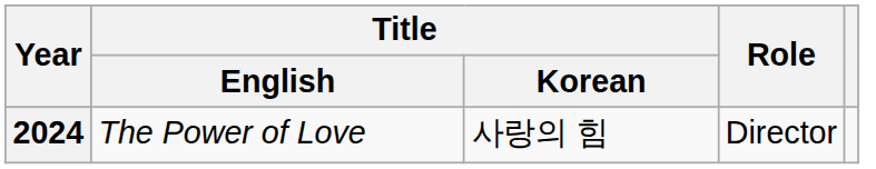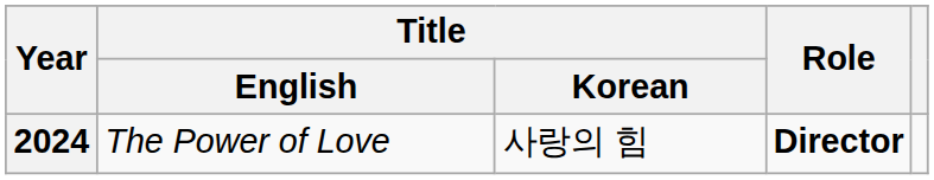 <table class="wikitable plainrowheaders">
 <tr>
 <th scope="col" rowspan="2" style="width:33px;">Year</th>
 <th scope="col" colspan="2">Title</th>
 <th rowspan="2">Role</th>
 <th rowspan="2" scope="col" class="unsortable"></th>
 </tr>
 <tr>
 <th width="180">English</th>
 <th width="120">Korean</th>
 </tr>
 <tr>
 <th scope="row">2024</th>
 <td><em>The Power of Love</em></td>
 <td>사랑의 힘</td>
-<td>Director</td>
+<td><strong>Director</strong></td>
 <td></td>
 </tr>
 </table>
